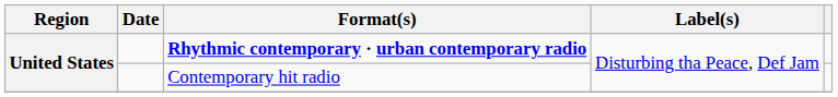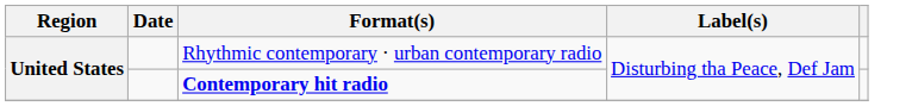 <table class="wikitable plainrowheaders" style="text-align:left">
 <tr>
 <th scope="col">Region</th>
 <th scope="col">Date</th>
 <th scope="col">Format(s)</th>
 <th scope="col">Label(s)</th>
 <th scope="col"></th>
 </tr>
 <tr>
 <th scope="row" rowspan="2">United States</th>
 <td></td>
-<td><strong><a href='#'>Rhythmic contemporary</a> · <a href='#'>urban contemporary radio</a></strong></td>
+<td><a href='#'>Rhythmic contemporary</a> · <a href='#'>urban contemporary radio</a></td>
 <td rowspan="2"><a href='#'>Disturbing tha Peace</a>, <a href='#'>Def Jam</a></td>
 <td></td>
 </tr>
 <tr>
 <td></td>
-<td><a href='#'>Contemporary hit radio</a></td>
+<td><strong><a href='#'>Contemporary hit radio</a></strong></td>
 <td></td>
 </tr>
 <tr>
 </tr>
 </table>
